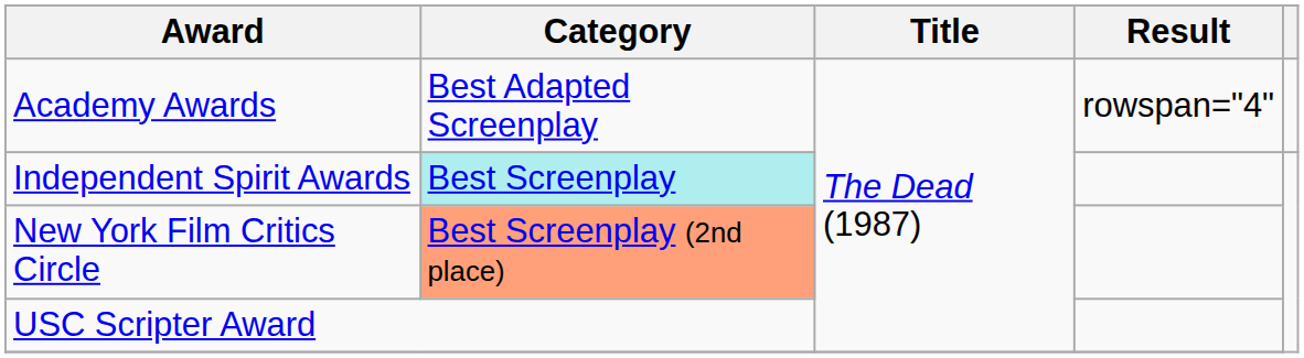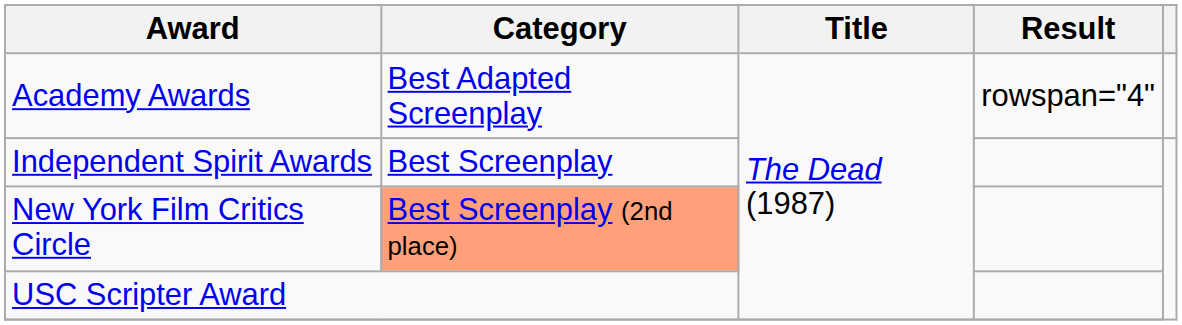 <table class="wikitable sortable">
 <tr>
 <th scope="col">Award</th>
 <th scope="col">Category</th>
 <th scope="col">Title</th>
 <th scope="col">Result</th>
 <th scope="col" class="unsortable"></th>
 </tr>
 <tr>
 <td><a href='#'>Academy Awards</a></td>
 <td><a href='#'>Best Adapted Screenplay</a></td>
 <td rowspan=4><em><a href='#'>The Dead</a></em> (1987)</td>
 <td>rowspan="4" </td>
 <td></td>
 </tr>
 <tr>
 <td><a href='#'>Independent Spirit Awards</a></td>
-<td style="background: paleturquoise;"><a href='#'>Best Screenplay</a></td>
+<td><a href='#'>Best Screenplay</a></td>
 <td></td>
 </tr>
 <tr>
 <td><a href='#'>New York Film Critics Circle</a></td>
 <td style="background: lightsalmon;"><a href='#'>Best Screenplay</a> <small>(2nd place)</small></td>
 <td></td>
 </tr>
 <tr>
 <td colspan=2><a href='#'>USC Scripter Award</a></td>
 <td></td>
 </tr>
 <tr>
 </tr>
 </table>
